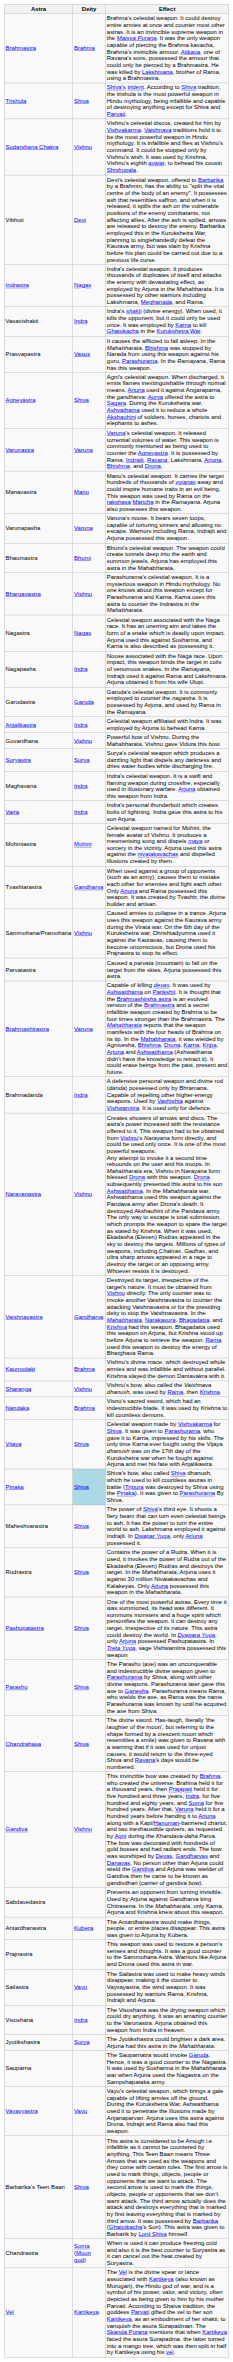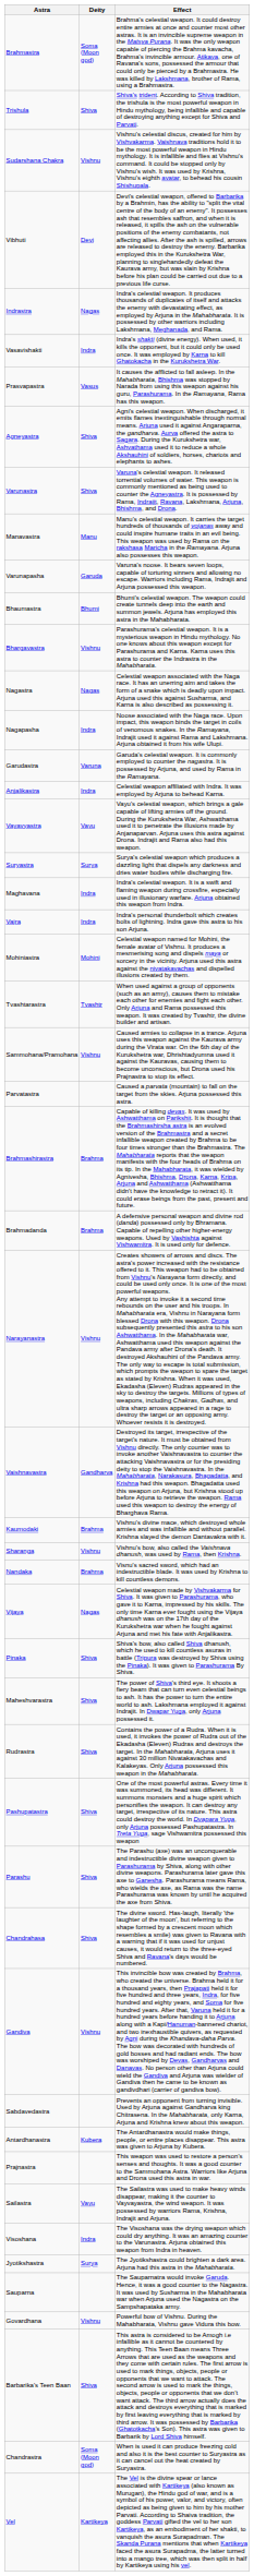 <table class="wikitable sortable">
 <tr>
 <th>Astra</th>
 <th>Deity</th>
 <th>Effect</th>
 </tr>
 <tr>
 <td><a href='#'>Brahmastra</a></td>
-<td><a href='#'>Brahma</a></td>
+<td><a href='#'>Soma (Moon god)</a></td>
 <td>Brahma's celestial weapon. It could destroy entire armies at once and counter most other astras. It is an invincible supreme weapon in the <em><a href='#'>Matsya Purana</a></em>. It was the only weapon capable of piercing the Brahma kavacha, Brahma's invincible armour. <a href='#'>Atikaya</a>, one of Ravana's sons, possessed the armour that could only be pierced by a Brahmastra. He was killed by <a href='#'>Lakshmana</a>, brother of Rama, using a Brahmastra.</td>
 </tr>
 <tr>
 <td><a href='#'>Trishula</a></td>
 <td><a href='#'>Shiva</a></td>
 <td><a href='#'>Shiva's</a> <a href='#'>trident</a>. According to <a href='#'>Shiva</a> tradition, the trishula is the most powerful weapon in Hindu mythology, being infallible and capable of destroying anything except for Shiva and <a href='#'>Parvati</a>.</td>
 </tr>
 <tr>
 <td><a href='#'>Sudarshana Chakra</a></td>
 <td><a href='#'>Vishnu</a></td>
 <td>Vishnu's celestial discus, created for him by <a href='#'>Vishvakarma</a>. <a href='#'>Vaishnava</a> traditions hold it to be the most powerful weapon in Hindu mythology. It is infallible and flies at Vishnu's command. It could be stopped only by Vishnu's wish. It was used by Krishna, Vishnu's eighth <a href='#'>avatar</a>, to behead his cousin <a href='#'>Shishupala</a>.</td>
 </tr>
 <tr>
 <td>Vibhuti</td>
 <td><a href='#'>Devi</a></td>
 <td>Devi's celestial weapon, offered to <a href='#'>Barbarika</a> by a Brahmin, has the ability to "split the vital centre of the body of an enemy". It possesses ash that resembles saffron, and when it is released, it spills the ash on the vulnerable positions of the enemy combatants, not affecting allies. After the ash is spilled, arrows are released to destroy the enemy. Barbarika employed this in the Kurukshetra War, planning to singlehandedly defeat the Kaurava army, but was slain by Krishna before his plan could be carried out due to a previous life curse.</td>
 </tr>
 <tr>
 <td><a href='#'>Indrastra</a></td>
 <td><a href='#'>Nagas</a></td>
 <td>Indra's celestial weapon. It produces thousands of duplicates of itself and attacks the enemy with devastating effect, as employed by Arjuna in the <em>Mahabharata</em>. It is possessed by other warriors including Lakshmana, <a href='#'>Meghanada</a>, and Rama.</td>
 </tr>
 <tr>
 <td>Vasavishakti</td>
 <td><a href='#'>Indra</a></td>
 <td>Indra's <em><a href='#'>shakti</a></em> (divine energy). When used, it kills the opponent, but it could only be used once. It was employed by <a href='#'>Karna</a> to kill <a href='#'>Ghatokacha</a> in the <a href='#'>Kurukshetra War</a>.</td>
 </tr>
 <tr>
 <td>Prasvapastra</td>
 <td><a href='#'>Vasus</a></td>
 <td>It causes the afflicted to fall asleep. In the <em>Mahabharata</em>, <a href='#'>Bhishma</a> was stopped by Narada from using this weapon against his guru, <a href='#'>Parashurama</a>. In the <em>Ramayana</em>, Rama has this weapon.</td>
 </tr>
 <tr>
 <td><a href='#'>Agneyastra</a></td>
 <td><a href='#'>Shiva</a></td>
 <td>Agni's celestial weapon. When discharged, it emits flames inextinguishable through normal means. <a href='#'>Arjuna</a> used it against Angaraparna, the <em>gandharva</em>. <a href='#'>Aurva</a> offered the astra to <a href='#'>Sagara</a>. During the Kurukshetra war, <a href='#'>Ashvathama</a> used it to reduce a whole <a href='#'>Akshauhini</a> of soldiers, horses, chariots and elephants to ashes.</td>
 </tr>
 <tr>
 <td><a href='#'>Varunastra</a></td>
-<td><a href='#'>Varuna</a></td>
+<td><a href='#'>Shiva</a></td>
 <td><a href='#'>Varuna</a>'s celestial weapon. It released torrential volumes of water. This weapon is commonly mentioned as being used to counter the <a href='#'>Agneyastra</a>. It is possessed by Rama, <a href='#'>Indrajit</a>, <a href='#'>Ravana</a>, Lakshmana, <a href='#'>Arjuna</a>, <a href='#'>Bhishma</a>, and <a href='#'>Drona</a>.</td>
 </tr>
 <tr>
 <td>Manavastra</td>
 <td><a href='#'>Manu</a></td>
 <td>Manu's celestial weapon. It carries the target hundreds of thousands of <em><a href='#'>yojanas</a></em> away and could inspire humane traits in an evil being. This weapon was used by Rama on the <a href='#'>rakshasa</a> <a href='#'>Maricha</a> in the <em>Ramayana</em>. Arjuna also possesses this weapon.</td>
 </tr>
 <tr>
 <td>Varunapasha</td>
-<td><a href='#'>Varuna</a></td>
+<td><a href='#'>Garuda</a></td>
 <td>Varuna's noose. It bears seven loops, capable of torturing sinners and allowing no escape. Warriors including Rama, Indrajit and Arjuna possessed this weapon.</td>
 </tr>
 <tr>
 <td>Bhaumastra</td>
 <td><a href='#'>Bhumi</a></td>
 <td>Bhumi's celestial weapon. The weapon could create tunnels deep into the earth and summon jewels. Arjuna has employed this astra in the Mahabharata.</td>
 </tr>
 <tr>
 <td><a href='#'>Bhargavastra</a></td>
 <td><a href='#'>Vishnu</a></td>
 <td>Parashurama's celestial weapon. It is a mysterious weapon in Hindu mythology. No one knows about this weapon except for Parashurama and Karna. Karna uses this astra to counter the Indrastra in the <em>Mahabharata</em>.</td>
 </tr>
 <tr>
 <td>Nagastra</td>
 <td><a href='#'>Nagas</a></td>
 <td>Celestial weapon associated with the Naga race. It has an unerring aim and takes the form of a snake which is deadly upon impact. Arjuna used this against Susharma, and Karna is also described as possessing it.</td>
 </tr>
 <tr>
 <td>Nagapasha</td>
 <td><a href='#'>Indra</a></td>
 <td>Noose associated with the Naga race. Upon impact, this weapon binds the target in coils of venomous snakes. In the <em>Ramayana</em>, Indrajit used it against Rama and Lakshmana. Arjuna obtained it from his wife Ulupi.</td>
 </tr>
 <tr>
 <td>Garudastra</td>
-<td><a href='#'>Garuda</a></td>
+<td><a href='#'>Varuna</a></td>
 <td>Garuda's celestial weapon. It is commonly employed to counter the <em>nagastra</em>. It is possessed by Arjuna, and used by Rama in the <em>Ramayana</em>.</td>
 </tr>
 <tr>
 <td><a href='#'>Anjalikastra</a></td>
 <td><a href='#'>Indra</a></td>
 <td>Celestial weapon affiliated with Indra. It was employed by Arjuna to behead Karna.</td>
 </tr>
 <tr>
-<td>Govardhana</td>
-<td><a href='#'>Vishnu</a></td>
-<td>Powerful bow of Vishnu. During the Mahabharata, Vishnu gave Vidura this bow.</td>
+<td><a href='#'>Vayavyastra</a></td>
+<td><a href='#'>Vayu</a></td>
+<td>Vayu's celestial weapon, which brings a gale capable of lifting armies off the ground. During the Kurukshetra War, Ashwatthama used it to penetrate the illusions made by Anjanaparvan. Arjuna uses this astra against Drona. Indrajit and Rama also had this weapon.</td>
 </tr>
 <tr>
 <td><a href='#'>Suryastra</a></td>
 <td><a href='#'>Surya</a></td>
 <td>Surya's celestial weapon which produces a dazzling light that dispels any darkness and dries water bodies while discharging fire.</td>
 </tr>
 <tr>
 <td>Maghavana</td>
 <td><a href='#'>Indra</a></td>
 <td>Indra's celestial weapon. It is a swift and flaming weapon during crossfire, especially used in illusionary warfare. <a href='#'>Arjuna</a> obtained this weapon from Indra.</td>
 </tr>
 <tr>
 <td><a href='#'>Vajra</a></td>
 <td><a href='#'>Indra</a></td>
 <td>Indra's personal thunderbolt which creates bolts of lightning. Indra gave this astra to his son Arjuna.</td>
 </tr>
 <tr>
 <td>Mohiniastra</td>
 <td><a href='#'>Mohini</a></td>
 <td>Celestial weapon named for Mohini, the female avatar of Vishnu. It produces a mesmerising song and dispels <a href='#'><em>maya</em></a> or sorcery in the vicinity. Arjuna used this astra against the <a href='#'>nivatakavachas</a> and dispelled illusions created by them.</td>
 </tr>
 <tr>
 <td>Tvashtarastra</td>
-<td><a href='#'>Gandharva</a></td>
+<td><a href='#'>Tvashtr</a></td>
 <td>When used against a group of opponents (such as an army), causes them to mistake each other for enemies and fight each other. Only <a href='#'>Arjuna</a> and Rama possessed this weapon. It was created by Tvashtr, the divine builder and artisan.</td>
 </tr>
 <tr>
 <td>Sammohana/Pramohana</td>
 <td><a href='#'>Vishnu</a></td>
 <td>Caused armies to collapse in a trance. Arjuna uses this weapon against the Kaurava army during the Virata war. On the 6th day of the Kurukshetra war, Dhrishtadyumna used it against the Kauravas, causing them to become unconscious, but Drona used his Prajnastra to stop its effect.</td>
 </tr>
 <tr>
 <td>Parvatastra</td>
 <td></td>
 <td>Caused a <em>parvata</em> (mountain) to fall on the target from the skies. Arjuna possessed this astra.</td>
 </tr>
 <tr>
 <td><a href='#'>Brahmashirastra</a></td>
-<td><a href='#'>Varuna</a></td>
+<td><a href='#'>Brahma</a></td>
 <td>Capable of killing <a href='#'><em>devas</em></a>. It was used by <a href='#'>Ashwatthama</a> on <a href='#'>Parikshit</a>. It is thought that the <a href='#'>Brahmashirsha astra</a> is an evolved version of the <a href='#'>Brahmastra</a> and a secret infallible weapon created by Brahma to be four times stronger than the Brahmastra. The <em><a href='#'>Mahabharata</a></em> reports that the weapon manifests with the four heads of Brahma on its tip. In the <a href='#'>Mahabharata</a>, it was wielded by Agnivesha, <a href='#'>Bhishma</a>, <a href='#'>Drona</a>, <a href='#'>Karna</a>, <a href='#'>Kripa</a>, <a href='#'>Arjuna</a> and <a href='#'>Ashwatthama</a> (Ashwatthama didn't have the knowledge to retract it). It could erase beings from the past, present and future.</td>
 </tr>
 <tr>
 <td>Brahmadanda</td>
-<td><a href='#'>Indra</a></td>
+<td><a href='#'>Brahma</a></td>
 <td>A defensive personal weapon and divine rod (<em>danda</em>) possessed only by Bhramana. Capable of repelling other higher-energy weapons. Used by <a href='#'>Vashishta</a> against <a href='#'>Vishwamitra</a>. It is used only for defence.</td>
 </tr>
 <tr>
 <td><a href='#'>Narayanastra</a></td>
 <td><a href='#'>Vishnu</a></td>
 <td>Creates showers of arrows and discs. The astra's power increased with the resistance offered to it. This weapon had to be obtained from <a href='#'>Vishnu</a>'s <em>Narayana</em> form directly, and could be used only once. It is one of the most powerful weapons.<br>Any attempt to invoke it a second time rebounds on the user and his troops. In <em>Mahabharata</em> era, Vishnu in Narayana form blessed <a href='#'>Drona</a> with this weapon. <a href='#'>Drona</a> subsequently presented this <em>astra</em> to his son <a href='#'>Ashwatthama</a>. In the <em>Mahabharata</em> war, Ashwatthama used this weapon against the Pandava army after Drona's death. It destroyed Akshauhini of the Pandava army. The only way to escape is total submission, which prompts the weapon to spare the target as stated by Krishna. When it was used, Ekadasha (Eleven) Rudras appeared in the sky to destroy the targets. Millions of types of weapons, including <em>Chakras</em>, <em>Gadhas</em>, and ultra sharp arrows appeared in a rage to destroy the target or an opposing army. Whoever resists it is destroyed.</td>
 </tr>
 <tr>
 <td><a href='#'>Vaishnavastra</a></td>
 <td><a href='#'>Gandharva</a></td>
 <td>Destroyed its target, irrespective of the target's nature. It must be obtained from <a href='#'>Vishnu</a> directly. The only counter was to invoke another Vaishnavastra to counter the attacking Vaishnavastra or for the presiding deity to stop the Vaishnavastra. In the <em><a href='#'>Mahabharata</a></em>, <a href='#'>Narakasura</a>, <a href='#'>Bhagadatta</a>, and <a href='#'>Krishna</a> had this weapon. Bhagadatta used this weapon on Arjuna, but Krishna stood up before Arjuna to retrieve the weapon. <a href='#'>Rama</a> used this weapon to destroy the energy of Bharghava Rama.</td>
 </tr>
 <tr>
 <td><a href='#'>Kaumodaki</a></td>
 <td><a href='#'>Brahma</a></td>
 <td>Vishnu's divine mace, which destroyed whole armies and was infallible and without parallel. Krishna slayed the demon Dantavakra with it.</td>
 </tr>
 <tr>
 <td><a href='#'>Sharanga</a></td>
 <td><a href='#'>Vishnu</a></td>
 <td>Vishnu's bow, also called the <em>Vaishnava dhanush</em>, was used by <a href='#'>Rama</a>, then <a href='#'>Krishna</a>.</td>
 </tr>
 <tr>
 <td><a href='#'>Nandaka</a></td>
 <td><a href='#'>Brahma</a></td>
 <td>Visnu's sacred sword, which had an indestructible blade. It was used by Krishna to kill countless demons.</td>
 </tr>
 <tr>
 <td><a href='#'>Vijaya</a></td>
-<td><a href='#'>Shiva</a></td>
+<td><a href='#'>Nagas</a></td>
 <td>Celestial weapon made by <a href='#'>Vishvakarma</a> for <a href='#'>Shiva</a>. It was given to <a href='#'>Parashurama</a>, who gave it to Karna, impressed by his skills. The only time Karna ever fought using the Vijaya <em>dhanush</em> was on the 17th day of the Kurukshetra war when he fought against Arjuna and met his fate with Anjalikastra.</td>
 </tr>
 <tr>
 <td><a href='#'>Pinaka</a></td>
-<td style="background: lightblue;"><a href='#'>Shiva</a></td>
+<td><a href='#'>Shiva</a></td>
 <td>Shiva's bow, also called <a href='#'>Shiva</a> dhanush, which he used to kill countless asuras in battle (<a href='#'>Tripura</a> was destroyed by Shiva using the <a href='#'>Pinaka</a>). It was given to <a href='#'>Parashurama</a> By Shiva.</td>
 </tr>
 <tr>
 <td>Maheshvarastra</td>
 <td><a href='#'>Shiva</a></td>
 <td>The power of <a href='#'>Shiva</a>'s third eye. It shoots a fiery beam that can turn even celestial beings to ash. It has the power to turn the entire world to ash. Lakshmana employed it against Indrajit. In <a href='#'>Dwapar Yuga</a>, only <a href='#'>Arjuna</a> possessed it.</td>
 </tr>
 <tr>
 <td>Rudrastra</td>
 <td><a href='#'>Shiva</a></td>
 <td>Contains the power of a Rudra. When it is used, it invokes the power of Rudra out of the Ekadasha (Eleven) Rudras and destroys the target. In the <em>Mahabharata</em>, Arjuna uses it against 30 million Nivatakavachas and Kalakeyas. Only <a href='#'>Arjuna</a> possessed this weapon in the <em>Mahabharata</em>.</td>
 </tr>
 <tr>
 <td><a href='#'>Pashupatastra</a></td>
 <td><a href='#'>Shiva</a></td>
 <td>One of the most powerful astras. Every time it was summoned, its head was different. It summons monsters and a huge spirit which personifies the weapon. It can destroy any target, irrespective of its nature. This astra could destroy the world. In <em><a href='#'>Dvapara Yuga</a></em>, only <a href='#'>Arjuna</a> possessed Pashupatastra. In <em><a href='#'>Treta Yuga</a></em>, sage Vishwamitra possessed this weapon </td>
 </tr>
 <tr>
 <td><a href='#'>Parashu</a></td>
 <td><a href='#'>Shiva</a></td>
 <td>The Parashu (axe) was an unconquerable and indestructible divine weapon given to <a href='#'>Parashurama</a> by Shiva, along with other divine weapons. Parashurama later gave this axe to <a href='#'>Ganesha</a>. Parashurama means Rama, who wields the axe, as Rama was the name Parashurama was known by until he acquired the axe from Shiva.</td>
 </tr>
 <tr>
 <td><a href='#'>Chandrahasa</a></td>
 <td><a href='#'>Shiva</a></td>
 <td>The divine sword. Has-laugh, literally 'the laughter of the moon', but referring to the shape formed by a crescent moon which resembles a smile) was given to Ravana with a warning that if it was used for unjust causes, it would return to the three-eyed Shiva and <a href='#'>Ravana</a>'s days would be numbered.</td>
 </tr>
 <tr>
 <td><a href='#'>Gandiva</a></td>
 <td><a href='#'>Vishnu</a></td>
 <td>This invincible bow was created by <a href='#'>Brahma</a>, who created the universe. Brahma held it for a thousand years, then <a href='#'>Prajapati</a> held it for five hundred and three years, <a href='#'>Indra</a>, for five hundred and eighty years, and <a href='#'>Soma</a> for five hundred years. After that, <a href='#'>Varuna</a> held it for a hundred years before handing it to <a href='#'>Arjuna</a> along with a Kapi/<a href='#'>Hanuman</a>-bannered chariot, and two inexhaustible quivers, as requested by <a href='#'>Agni</a> during the <em>Khandava-daha Parva</em>. The bow was decorated with hundreds of gold bosses and had radiant ends. The bow was worshiped by <a href='#'>Devas</a>, <a href='#'>Gandharvas</a> and <a href='#'>Danavas</a>. No person other than Arjuna could wield the <a href='#'>Gandiva</a> and Arjuna was wielder of Gandiva then he came to be known as gandivdhari (carrier of gandiva bow).</td>
 </tr>
 <tr>
 <td>Sabdavedastra</td>
 <td></td>
 <td>Prevents an opponent from turning invisible. Used by Arjuna against Gandharva king Chitrasena. In the <em>Mahabharata</em>, only Karna, Arjuna and Krishna knew about this weapon.</td>
 </tr>
 <tr>
 <td>Antardhanastra</td>
 <td><a href='#'>Kubera</a></td>
 <td>The Antardhanastra would make things, people, or entire places disappear. This astra was given to Arjuna by Kubera.</td>
 </tr>
 <tr>
 <td>Prajnastra</td>
 <td></td>
 <td>This weapon was used to restore a person's senses and thoughts. It was a good counter to the Sammohana Astra. Warriors like Arjuna and Drona used this astra in war.</td>
 </tr>
 <tr>
 <td>Sailastra</td>
 <td><a href='#'>Vayu</a></td>
 <td>The Sailastra was used to make heavy winds disappear, making it the counter to Vayvayastra, the wind weapon. It was possessed by warriors Rama, Krishna, Indrajit and Arjuna.</td>
 </tr>
 <tr>
 <td>Visoshana</td>
 <td><a href='#'>Indra</a></td>
 <td>The Visoshana was the drying weapon which could dry anything. It was an amazing counter to the Varunastra. Arjuna obtained this weapon from Indra in heaven.</td>
 </tr>
 <tr>
 <td>Jyotikshastra</td>
 <td><a href='#'>Surya</a></td>
 <td>The Jyotikshastra could brighten a dark area. Arjuna had this astra in the <em>Mahabharata</em>.</td>
 </tr>
 <tr>
 <td>Sauparna</td>
 <td></td>
 <td>The Sauparnatra would invoke <a href='#'>Garuda</a>. Hence, it was a good counter to the Nagastra. It was used by Susharma in the Mahabharata war when Arjuna used the Nagastra on the Sampshapataka army.</td>
 </tr>
 <tr>
-<td><a href='#'>Vayavyastra</a></td>
-<td><a href='#'>Vayu</a></td>
-<td>Vayu's celestial weapon, which brings a gale capable of lifting armies off the ground. During the Kurukshetra War, Ashwatthama used it to penetrate the illusions made by Anjanaparvan. Arjuna uses this astra against Drona. Indrajit and Rama also had this weapon.</td>
+<td>Govardhana</td>
+<td><a href='#'>Vishnu</a></td>
+<td>Powerful bow of Vishnu. During the Mahabharata, Vishnu gave Vidura this bow.</td>
 </tr>
 <tr>
 <td>Barbarika's Teen Baan</td>
 <td><a href='#'>Shiva</a></td>
 <td>This astra is considered to be Amogh i.e infallible as it cannot be countered by anything. This Teen Baan means Three Arrows that are used as the weapons and they come with certain rules. The first arrow is used to mark things, objects, people or opponents that we want to attack. The second arrow is used to mark the things, objects, people or opponents that we don’t want attack. The third arrow actually does the attack and destroys everything that is marked by first leaving everything that is marked by third arrow. It was possessed by <a href='#'>Barbarika</a> (<a href='#'>Ghatotkacha</a>’s Son). This astra was given to Barbarik by <a href='#'>Lord Shiva</a> himself.</td>
 </tr>
 <tr>
 <td>Chandrastra</td>
 <td><a href='#'>Soma (Moon god)</a></td>
 <td>When is used it can produce freezing cold and also it is the best counter to Suryastra as it can cancel out the heat created by Suryastra.</td>
 </tr>
 <tr>
 <td><a href='#'>Vel</a></td>
 <td><a href='#'>Kartikeya</a></td>
 <td>The <a href='#'>Vel</a> is the divine spear or lance associated with <a href='#'>Kartikeya</a> (also known as Murugan), the Hindu god of war, and is a symbol of his power, valor, and victory, often depicted as being given to him by his mother Parvati. According to Shaiva tradition, the goddess <a href='#'>Parvati</a> gifted the vel to her son <a href='#'>Kartikeya</a>, as an embodiment of her shakti, to vanquish the asura Surapadman. The <a href='#'>Skanda Purana</a> mentions that when <a href='#'>Kartikeya</a> faced the asura Surapadma, the latter turned into a mango tree, which was then split in half by Kartikeya using his <a href='#'>vel</a>.</td>
 </tr>
 </table>
